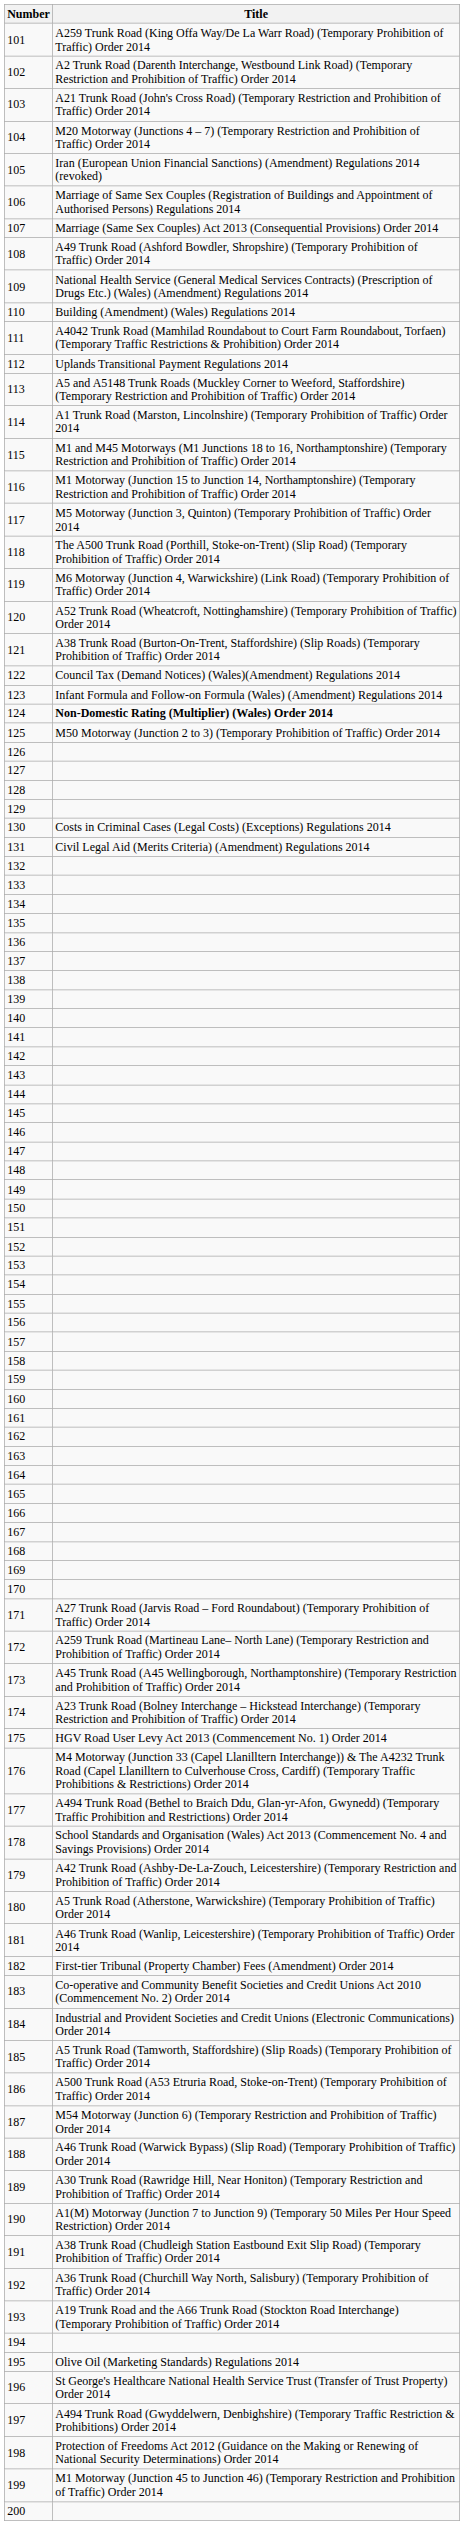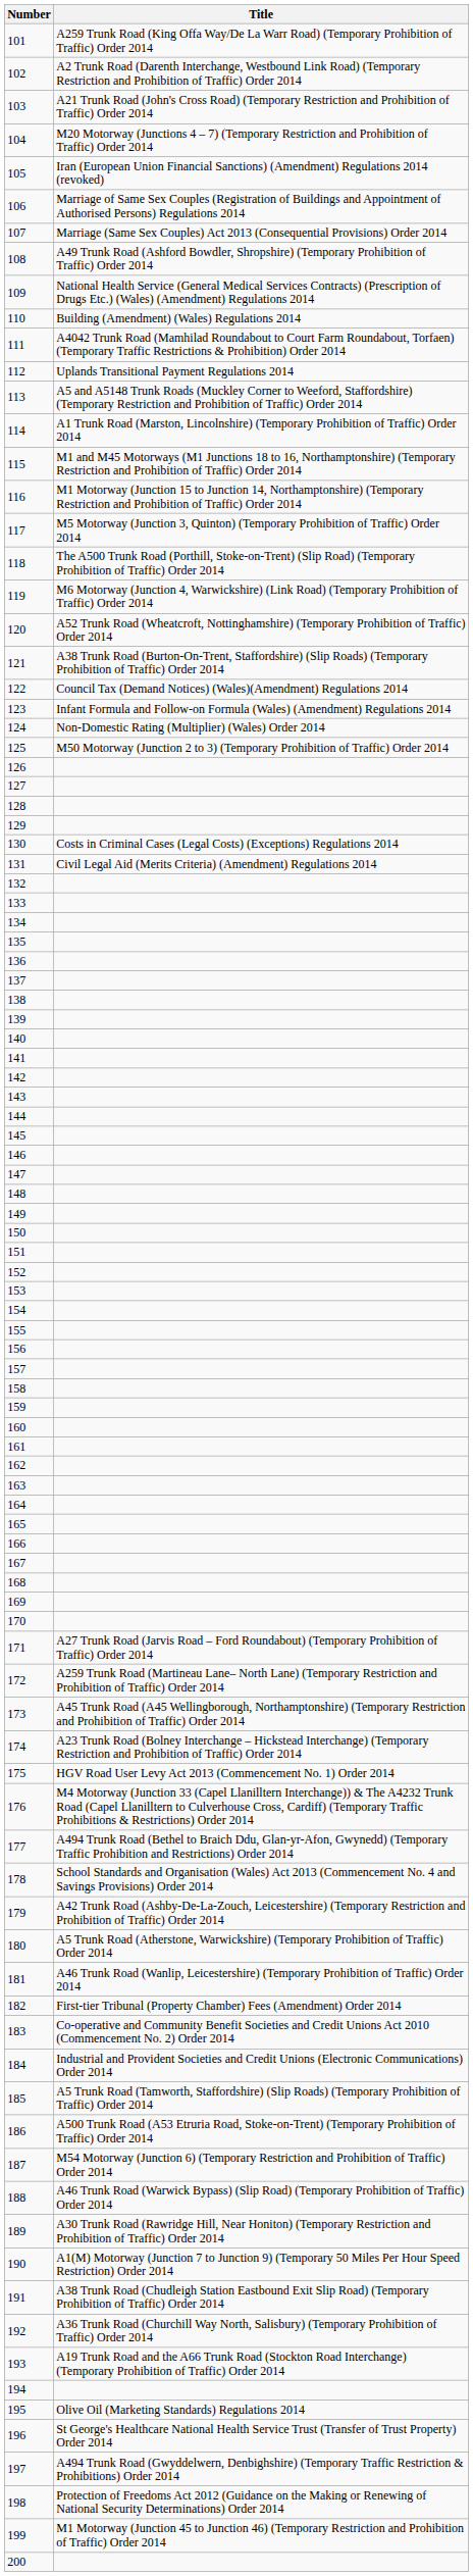 <table class="wikitable collapsible">
 <tr>
 <th>Number</th>
 <th>Title</th>
 </tr>
 <tr>
 <td>101</td>
 <td>A259 Trunk Road (King Offa Way/De La Warr Road) (Temporary Prohibition of Traffic) Order 2014</td>
 </tr>
 <tr>
 <td>102</td>
 <td>A2 Trunk Road (Darenth Interchange, Westbound Link Road) (Temporary Restriction and Prohibition of Traffic) Order 2014</td>
 </tr>
 <tr>
 <td>103</td>
 <td>A21 Trunk Road (John's Cross Road) (Temporary Restriction and Prohibition of Traffic) Order 2014</td>
 </tr>
 <tr>
 <td>104</td>
 <td>M20 Motorway (Junctions 4 – 7) (Temporary Restriction and Prohibition of Traffic) Order 2014</td>
 </tr>
 <tr>
 <td>105</td>
 <td>Iran (European Union Financial Sanctions) (Amendment) Regulations 2014 (revoked)</td>
 </tr>
 <tr>
 <td>106</td>
 <td>Marriage of Same Sex Couples (Registration of Buildings and Appointment of Authorised Persons) Regulations 2014</td>
 </tr>
 <tr>
 <td>107</td>
 <td>Marriage (Same Sex Couples) Act 2013 (Consequential Provisions) Order 2014</td>
 </tr>
 <tr>
 <td>108</td>
 <td>A49 Trunk Road (Ashford Bowdler, Shropshire) (Temporary Prohibition of Traffic) Order 2014</td>
 </tr>
 <tr>
 <td>109</td>
 <td>National Health Service (General Medical Services Contracts) (Prescription of Drugs Etc.) (Wales) (Amendment) Regulations 2014</td>
 </tr>
 <tr>
 <td>110</td>
 <td>Building (Amendment) (Wales) Regulations 2014</td>
 </tr>
 <tr>
 <td>111</td>
 <td>A4042 Trunk Road (Mamhilad Roundabout to Court Farm Roundabout, Torfaen) (Temporary Traffic Restrictions & Prohibition) Order 2014</td>
 </tr>
 <tr>
 <td>112</td>
 <td>Uplands Transitional Payment Regulations 2014</td>
 </tr>
 <tr>
 <td>113</td>
 <td>A5 and A5148 Trunk Roads (Muckley Corner to Weeford, Staffordshire) (Temporary Restriction and Prohibition of Traffic) Order 2014</td>
 </tr>
 <tr>
 <td>114</td>
 <td>A1 Trunk Road (Marston, Lincolnshire) (Temporary Prohibition of Traffic) Order 2014</td>
 </tr>
 <tr>
 <td>115</td>
 <td>M1 and M45 Motorways (M1 Junctions 18 to 16, Northamptonshire) (Temporary Restriction and Prohibition of Traffic) Order 2014</td>
 </tr>
 <tr>
 <td>116</td>
 <td>M1 Motorway (Junction 15 to Junction 14, Northamptonshire) (Temporary Restriction and Prohibition of Traffic) Order 2014</td>
 </tr>
 <tr>
 <td>117</td>
 <td>M5 Motorway (Junction 3, Quinton) (Temporary Prohibition of Traffic) Order 2014</td>
 </tr>
 <tr>
 <td>118</td>
 <td>The A500 Trunk Road (Porthill, Stoke-on-Trent) (Slip Road) (Temporary Prohibition of Traffic) Order 2014</td>
 </tr>
 <tr>
 <td>119</td>
 <td>M6 Motorway (Junction 4, Warwickshire) (Link Road) (Temporary Prohibition of Traffic) Order 2014</td>
 </tr>
 <tr>
 <td>120</td>
 <td>A52 Trunk Road (Wheatcroft, Nottinghamshire) (Temporary Prohibition of Traffic) Order 2014</td>
 </tr>
 <tr>
 <td>121</td>
 <td>A38 Trunk Road (Burton-On-Trent, Staffordshire) (Slip Roads) (Temporary Prohibition of Traffic) Order 2014</td>
 </tr>
 <tr>
 <td>122</td>
 <td>Council Tax (Demand Notices) (Wales)(Amendment) Regulations 2014</td>
 </tr>
 <tr>
 <td>123</td>
 <td>Infant Formula and Follow-on Formula (Wales) (Amendment) Regulations 2014</td>
 </tr>
 <tr>
 <td>124</td>
-<td><strong>Non-Domestic Rating (Multiplier) (Wales) Order 2014</strong></td>
+<td>Non-Domestic Rating (Multiplier) (Wales) Order 2014</td>
 </tr>
 <tr>
 <td>125</td>
 <td>M50 Motorway (Junction 2 to 3) (Temporary Prohibition of Traffic) Order 2014</td>
 </tr>
 <tr>
 <td>126</td>
 <td></td>
 </tr>
 <tr>
 <td>127</td>
 <td></td>
 </tr>
 <tr>
 <td>128</td>
 <td></td>
 </tr>
 <tr>
 <td>129</td>
 <td></td>
 </tr>
 <tr>
 <td>130</td>
 <td>Costs in Criminal Cases (Legal Costs) (Exceptions) Regulations 2014</td>
 </tr>
 <tr>
 <td>131</td>
 <td>Civil Legal Aid (Merits Criteria) (Amendment) Regulations 2014</td>
 </tr>
 <tr>
 <td>132</td>
 <td></td>
 </tr>
 <tr>
 <td>133</td>
 <td></td>
 </tr>
 <tr>
 <td>134</td>
 <td></td>
 </tr>
 <tr>
 <td>135</td>
 <td></td>
 </tr>
 <tr>
 <td>136</td>
 <td></td>
 </tr>
 <tr>
 <td>137</td>
 <td></td>
 </tr>
 <tr>
 <td>138</td>
 <td></td>
 </tr>
 <tr>
 <td>139</td>
 <td></td>
 </tr>
 <tr>
 <td>140</td>
 <td></td>
 </tr>
 <tr>
 <td>141</td>
 <td></td>
 </tr>
 <tr>
 <td>142</td>
 <td></td>
 </tr>
 <tr>
 <td>143</td>
 <td></td>
 </tr>
 <tr>
 <td>144</td>
 <td></td>
 </tr>
 <tr>
 <td>145</td>
 <td></td>
 </tr>
 <tr>
 <td>146</td>
 <td></td>
 </tr>
 <tr>
 <td>147</td>
 <td></td>
 </tr>
 <tr>
 <td>148</td>
 <td></td>
 </tr>
 <tr>
 <td>149</td>
 <td></td>
 </tr>
 <tr>
 <td>150</td>
 <td></td>
 </tr>
 <tr>
 <td>151</td>
 <td></td>
 </tr>
 <tr>
 <td>152</td>
 <td></td>
 </tr>
 <tr>
 <td>153</td>
 <td></td>
 </tr>
 <tr>
 <td>154</td>
 <td></td>
 </tr>
 <tr>
 <td>155</td>
 <td></td>
 </tr>
 <tr>
 <td>156</td>
 <td></td>
 </tr>
 <tr>
 <td>157</td>
 <td></td>
 </tr>
 <tr>
 <td>158</td>
 <td></td>
 </tr>
 <tr>
 <td>159</td>
 <td></td>
 </tr>
 <tr>
 <td>160</td>
 <td></td>
 </tr>
 <tr>
 <td>161</td>
 <td></td>
 </tr>
 <tr>
 <td>162</td>
 <td></td>
 </tr>
 <tr>
 <td>163</td>
 <td></td>
 </tr>
 <tr>
 <td>164</td>
 <td></td>
 </tr>
 <tr>
 <td>165</td>
 <td></td>
 </tr>
 <tr>
 <td>166</td>
 <td></td>
 </tr>
 <tr>
 <td>167</td>
 <td></td>
 </tr>
 <tr>
 <td>168</td>
 <td></td>
 </tr>
 <tr>
 <td>169</td>
 <td></td>
 </tr>
 <tr>
 <td>170</td>
 <td></td>
 </tr>
 <tr>
 <td>171</td>
 <td>A27 Trunk Road (Jarvis Road – Ford Roundabout) (Temporary Prohibition of Traffic) Order 2014</td>
 </tr>
 <tr>
 <td>172</td>
 <td>A259 Trunk Road (Martineau Lane– North Lane) (Temporary Restriction and Prohibition of Traffic) Order 2014</td>
 </tr>
 <tr>
 <td>173</td>
 <td>A45 Trunk Road (A45 Wellingborough, Northamptonshire) (Temporary Restriction and Prohibition of Traffic) Order 2014</td>
 </tr>
 <tr>
 <td>174</td>
 <td>A23 Trunk Road (Bolney Interchange – Hickstead Interchange) (Temporary Restriction and Prohibition of Traffic) Order 2014</td>
 </tr>
 <tr>
 <td>175</td>
 <td>HGV Road User Levy Act 2013 (Commencement No. 1) Order 2014</td>
 </tr>
 <tr>
 <td>176</td>
 <td>M4 Motorway (Junction 33 (Capel Llanilltern Interchange)) & The A4232 Trunk Road (Capel Llanilltern to Culverhouse Cross, Cardiff) (Temporary Traffic Prohibitions & Restrictions) Order 2014</td>
 </tr>
 <tr>
 <td>177</td>
 <td>A494 Trunk Road (Bethel to Braich Ddu, Glan-yr-Afon, Gwynedd) (Temporary Traffic Prohibition and Restrictions) Order 2014</td>
 </tr>
 <tr>
 <td>178</td>
 <td>School Standards and Organisation (Wales) Act 2013 (Commencement No. 4 and Savings Provisions) Order 2014</td>
 </tr>
 <tr>
 <td>179</td>
 <td>A42 Trunk Road (Ashby-De-La-Zouch, Leicestershire) (Temporary Restriction and Prohibition of Traffic) Order 2014</td>
 </tr>
 <tr>
 <td>180</td>
 <td>A5 Trunk Road (Atherstone, Warwickshire) (Temporary Prohibition of Traffic) Order 2014</td>
 </tr>
 <tr>
 <td>181</td>
 <td>A46 Trunk Road (Wanlip, Leicestershire) (Temporary Prohibition of Traffic) Order 2014</td>
 </tr>
 <tr>
 <td>182</td>
 <td>First-tier Tribunal (Property Chamber) Fees (Amendment) Order 2014</td>
 </tr>
 <tr>
 <td>183</td>
 <td>Co-operative and Community Benefit Societies and Credit Unions Act 2010 (Commencement No. 2) Order 2014</td>
 </tr>
 <tr>
 <td>184</td>
 <td>Industrial and Provident Societies and Credit Unions (Electronic Communications) Order 2014</td>
 </tr>
 <tr>
 <td>185</td>
 <td>A5 Trunk Road (Tamworth, Staffordshire) (Slip Roads) (Temporary Prohibition of Traffic) Order 2014</td>
 </tr>
 <tr>
 <td>186</td>
 <td>A500 Trunk Road (A53 Etruria Road, Stoke-on-Trent) (Temporary Prohibition of Traffic) Order 2014</td>
 </tr>
 <tr>
 <td>187</td>
 <td>M54 Motorway (Junction 6) (Temporary Restriction and Prohibition of Traffic) Order 2014</td>
 </tr>
 <tr>
 <td>188</td>
 <td>A46 Trunk Road (Warwick Bypass) (Slip Road) (Temporary Prohibition of Traffic) Order 2014</td>
 </tr>
 <tr>
 <td>189</td>
 <td>A30 Trunk Road (Rawridge Hill, Near Honiton) (Temporary Restriction and Prohibition of Traffic) Order 2014</td>
 </tr>
 <tr>
 <td>190</td>
 <td>A1(M) Motorway (Junction 7 to Junction 9) (Temporary 50 Miles Per Hour Speed Restriction) Order 2014</td>
 </tr>
 <tr>
 <td>191</td>
 <td>A38 Trunk Road (Chudleigh Station Eastbound Exit Slip Road) (Temporary Prohibition of Traffic) Order 2014</td>
 </tr>
 <tr>
 <td>192</td>
 <td>A36 Trunk Road (Churchill Way North, Salisbury) (Temporary Prohibition of Traffic) Order 2014</td>
 </tr>
 <tr>
 <td>193</td>
 <td>A19 Trunk Road and the A66 Trunk Road (Stockton Road Interchange) (Temporary Prohibition of Traffic) Order 2014</td>
 </tr>
 <tr>
 <td>194</td>
 <td></td>
 </tr>
 <tr>
 <td>195</td>
 <td>Olive Oil (Marketing Standards) Regulations 2014</td>
 </tr>
 <tr>
 <td>196</td>
 <td>St George's Healthcare National Health Service Trust (Transfer of Trust Property) Order 2014</td>
 </tr>
 <tr>
 <td>197</td>
 <td>A494 Trunk Road (Gwyddelwern, Denbighshire) (Temporary Traffic Restriction & Prohibitions) Order 2014</td>
 </tr>
 <tr>
 <td>198</td>
 <td>Protection of Freedoms Act 2012 (Guidance on the Making or Renewing of National Security Determinations) Order 2014</td>
 </tr>
 <tr>
 <td>199</td>
 <td>M1 Motorway (Junction 45 to Junction 46) (Temporary Restriction and Prohibition of Traffic) Order 2014</td>
 </tr>
 <tr>
 <td>200</td>
 <td></td>
 </tr>
 </table>
